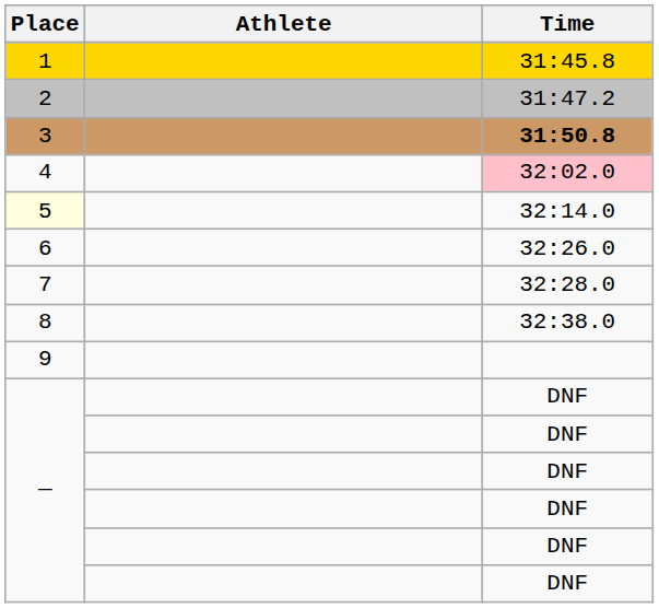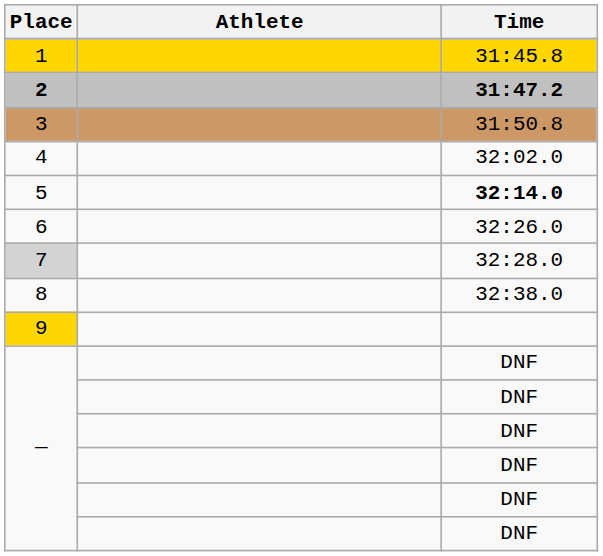 <table class=wikitable style="text-align:center">
 <tr>
 <th width=20>Place</th>
 <th width=220>Athlete</th>
 <th width=90>Time</th>
 </tr>
 <tr>
 </tr>
 <tr align=center bgcolor=gold>
 <td>1</td>
 <td align=left></td>
 <td>31:45.8</td>
 </tr>
 <tr align=center bgcolor=silver>
-<td>2</td>
+<td><strong>2</strong></td>
 <td align=left></td>
-<td>31:47.2</td>
+<td><strong>31:47.2</strong></td>
 </tr>
 <tr align=center bgcolor=cc9966>
 <td>3</td>
 <td align=left></td>
-<td><strong>31:50.8</strong></td>
+<td>31:50.8</td>
 </tr>
 <tr>
 <td>4</td>
 <td align=left></td>
-<td style="background: pink;">32:02.0</td>
+<td>32:02.0</td>
 </tr>
 <tr>
-<td style="background: lightyellow;">5</td>
+<td>5</td>
 <td align=left></td>
-<td>32:14.0</td>
+<td><strong>32:14.0</strong></td>
 </tr>
 <tr>
 <td>6</td>
 <td align=left></td>
 <td>32:26.0</td>
 </tr>
 <tr>
-<td>7</td>
+<td style="background: lightgrey;">7</td>
 <td align=left></td>
 <td>32:28.0</td>
 </tr>
 <tr>
 <td>8</td>
 <td align=left></td>
 <td>32:38.0</td>
 </tr>
 <tr>
-<td>9</td>
+<td style="background: gold;">9</td>
 <td align=left></td>
 <td></td>
 </tr>
 <tr>
 <td rowspan=6>—</td>
 <td align=left></td>
 <td>DNF</td>
 </tr>
 <tr>
 <td align=left></td>
 <td>DNF</td>
 </tr>
 <tr>
 <td align=left></td>
 <td>DNF</td>
 </tr>
 <tr>
 <td align=left></td>
 <td>DNF</td>
 </tr>
 <tr>
 <td align=left></td>
 <td>DNF</td>
 </tr>
 <tr>
 <td align=left></td>
 <td>DNF</td>
 </tr>
 </table>
